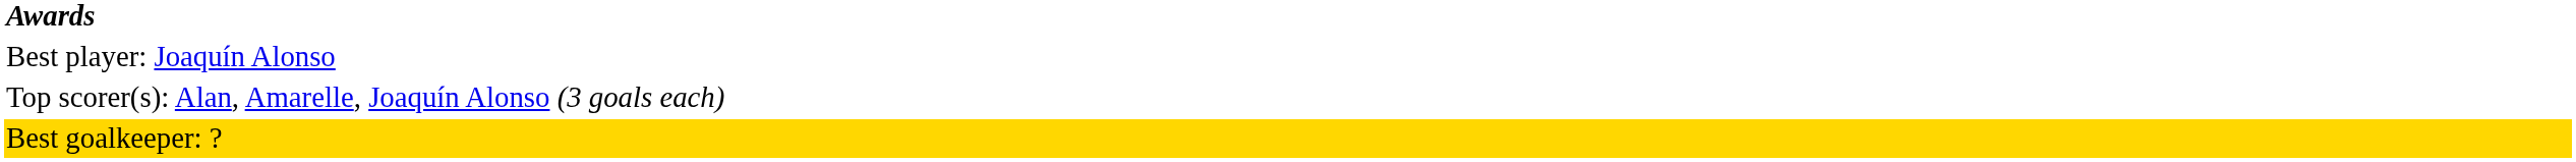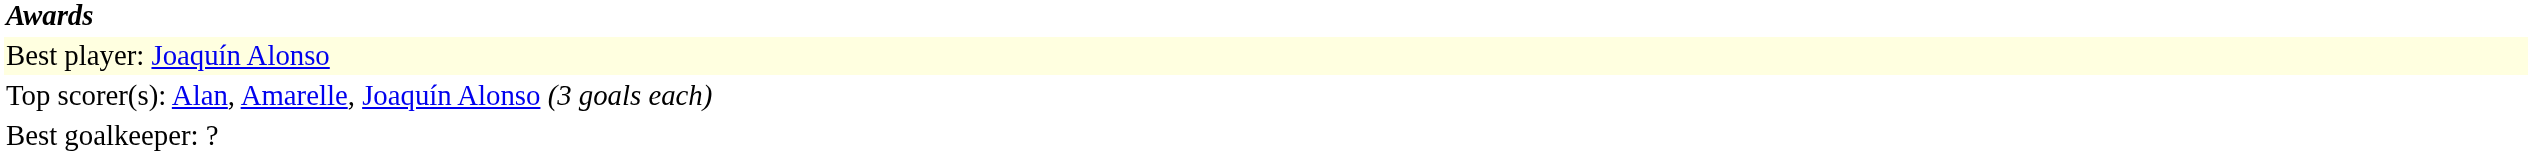 <table width=100% cellspacing=1 style="font-size: 90%;">
 <tr>
 <td><strong><em>Awards</em></strong></td>
 </tr>
 <tr>
-<td>Best player:  <a href='#'>Joaquín Alonso</a></td>
+<td style="background: lightyellow;">Best player:  <a href='#'>Joaquín Alonso</a></td>
 </tr>
 <tr>
 <td colspan=4>Top scorer(s):  <a href='#'>Alan</a>,  <a href='#'>Amarelle</a>,  <a href='#'>Joaquín Alonso</a> <em>(3 goals each)</em></td>
 </tr>
 <tr>
-<td style="background: gold;">Best goalkeeper:  ?</td>
+<td>Best goalkeeper:  ?</td>
 </tr>
 </table>
